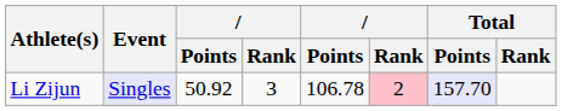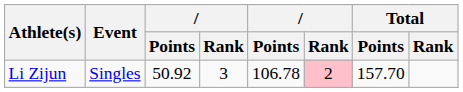 <table class="wikitable">
 <tr>
 <th rowspan="2">Athlete(s)</th>
 <th rowspan="2">Event</th>
 <th colspan="2">/</th>
 <th colspan="2">/</th>
 <th colspan="2">Total</th>
 </tr>
 <tr>
 <th>Points</th>
 <th>Rank</th>
 <th>Points</th>
 <th>Rank</th>
 <th>Points</th>
 <th>Rank</th>
 </tr>
 <tr>
 <td><a href='#'>Li Zijun</a></td>
-<td style="background: lavender;"><a href='#'>Singles</a></td>
+<td><a href='#'>Singles</a></td>
 <td align="center">50.92</td>
 <td align="center">3</td>
 <td align="center">106.78</td>
 <td align="center" style="background: pink;">2</td>
-<td align="center" style="background: lavender;">157.70</td>
+<td align="center">157.70</td>
 <td align="center"></td>
 </tr>
 </table>
